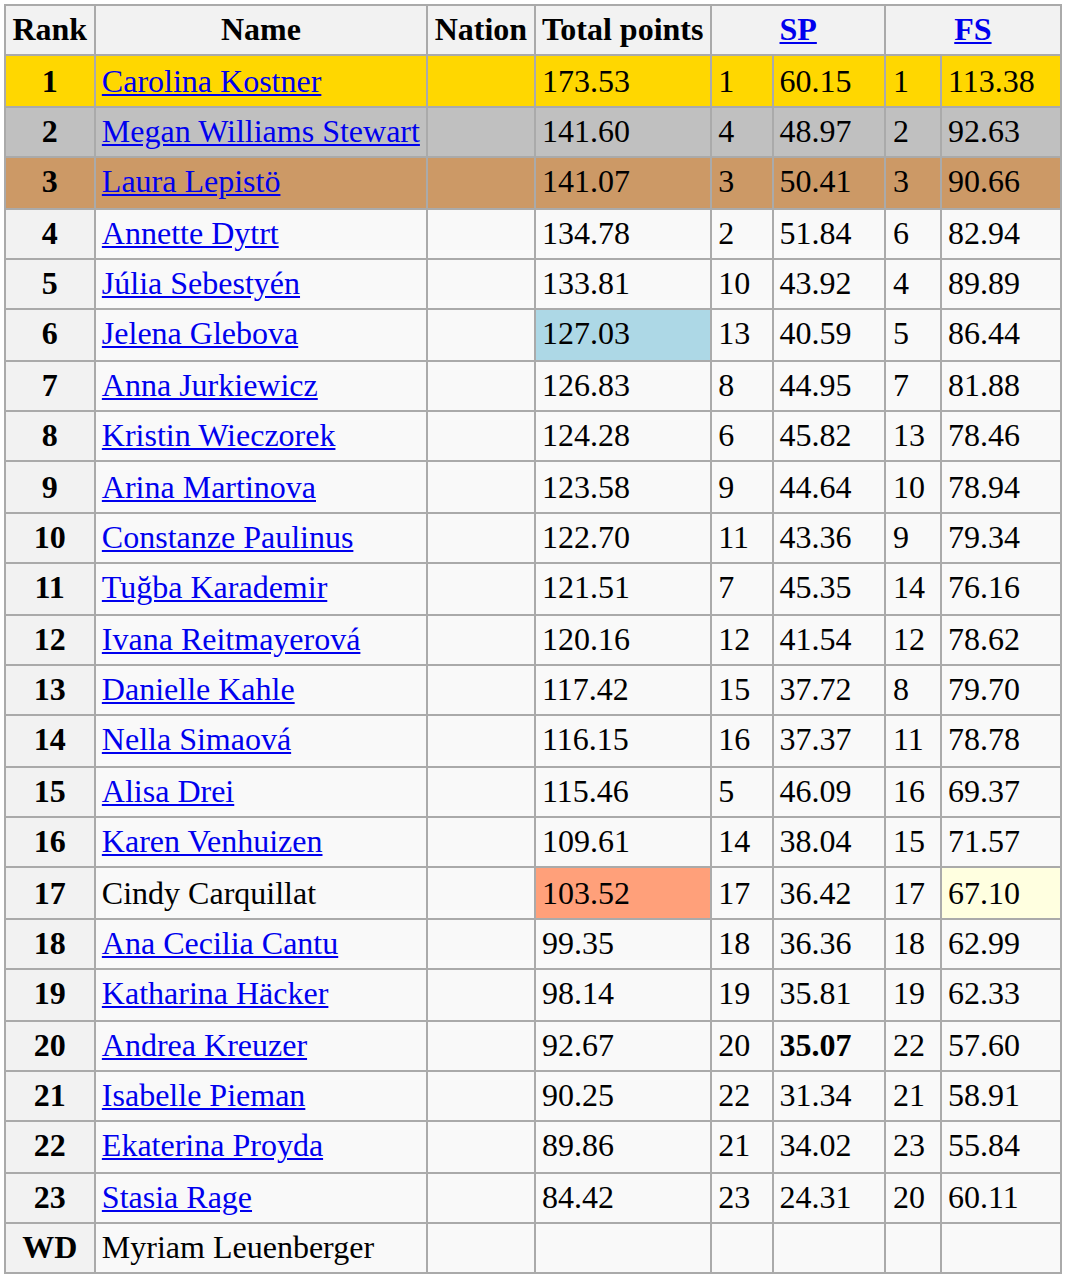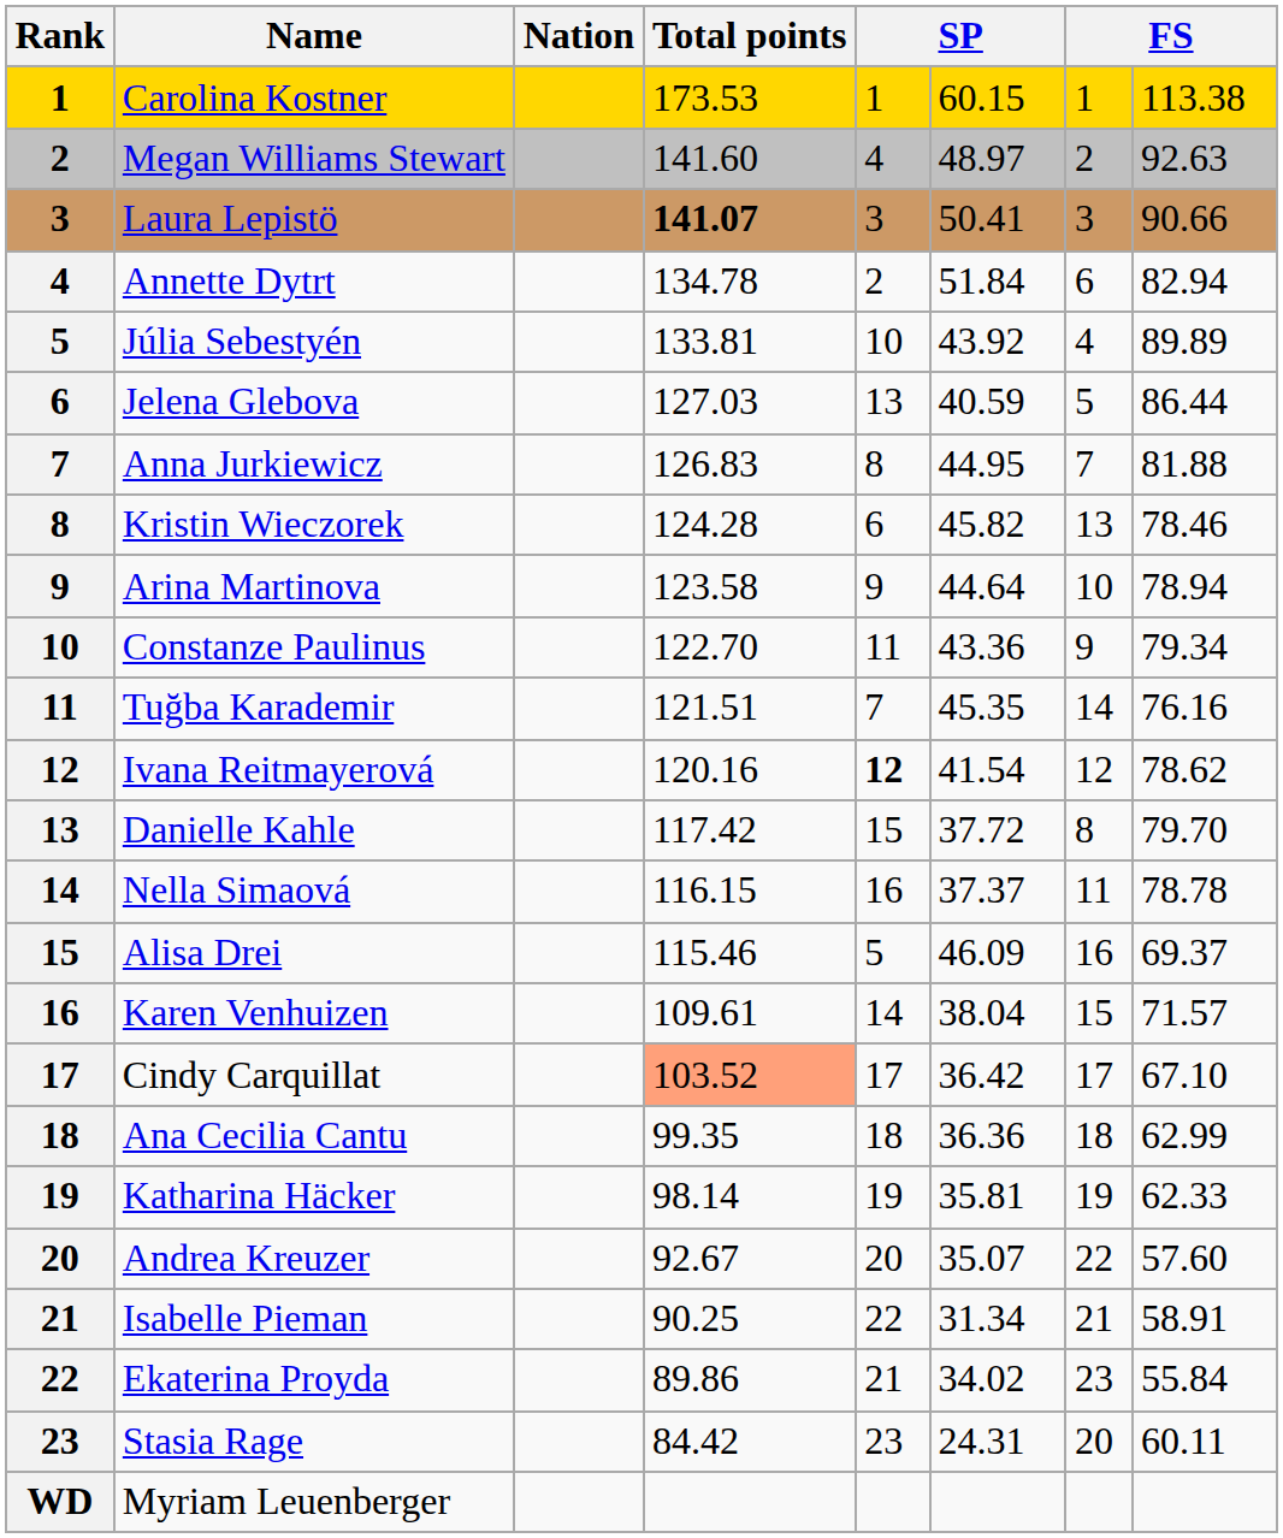 <table class="wikitable">
 <tr>
 <th>Rank</th>
 <th>Name</th>
 <th>Nation</th>
 <th>Total points</th>
 <th colspan="2" width="80px"><a href='#'>SP</a></th>
 <th colspan="2" width="80px"><a href='#'>FS</a></th>
 </tr>
 <tr bgcolor="gold">
 <td align="center"><strong>1</strong></td>
 <td><a href='#'>Carolina Kostner</a></td>
 <td></td>
 <td>173.53</td>
 <td>1</td>
 <td>60.15</td>
 <td>1</td>
 <td>113.38</td>
 </tr>
 <tr bgcolor="silver">
 <td align="center"><strong>2</strong></td>
 <td><a href='#'>Megan Williams Stewart</a></td>
 <td></td>
 <td>141.60</td>
 <td>4</td>
 <td>48.97</td>
 <td>2</td>
 <td>92.63</td>
 </tr>
 <tr bgcolor="cc9966">
 <td align="center"><strong>3</strong></td>
 <td><a href='#'>Laura Lepistö</a></td>
 <td></td>
-<td>141.07</td>
+<td><strong>141.07</strong></td>
 <td>3</td>
 <td>50.41</td>
 <td>3</td>
 <td>90.66</td>
 </tr>
 <tr>
 <th>4</th>
 <td><a href='#'>Annette Dytrt</a></td>
 <td></td>
 <td>134.78</td>
 <td>2</td>
 <td>51.84</td>
 <td>6</td>
 <td>82.94</td>
 </tr>
 <tr>
 <th>5</th>
 <td><a href='#'>Júlia Sebestyén</a></td>
 <td></td>
 <td>133.81</td>
 <td>10</td>
 <td>43.92</td>
 <td>4</td>
 <td>89.89</td>
 </tr>
 <tr>
 <th>6</th>
 <td><a href='#'>Jelena Glebova</a></td>
 <td></td>
-<td style="background: lightblue;">127.03</td>
+<td>127.03</td>
 <td>13</td>
 <td>40.59</td>
 <td>5</td>
 <td>86.44</td>
 </tr>
 <tr>
 <th>7</th>
 <td><a href='#'>Anna Jurkiewicz</a></td>
 <td></td>
 <td>126.83</td>
 <td>8</td>
 <td>44.95</td>
 <td>7</td>
 <td>81.88</td>
 </tr>
 <tr>
 <th>8</th>
 <td><a href='#'>Kristin Wieczorek</a></td>
 <td></td>
 <td>124.28</td>
 <td>6</td>
 <td>45.82</td>
 <td>13</td>
 <td>78.46</td>
 </tr>
 <tr>
 <th>9</th>
 <td><a href='#'>Arina Martinova</a></td>
 <td></td>
 <td>123.58</td>
 <td>9</td>
 <td>44.64</td>
 <td>10</td>
 <td>78.94</td>
 </tr>
 <tr>
 <th>10</th>
 <td><a href='#'>Constanze Paulinus</a></td>
 <td></td>
 <td>122.70</td>
 <td>11</td>
 <td>43.36</td>
 <td>9</td>
 <td>79.34</td>
 </tr>
 <tr>
 <th>11</th>
 <td><a href='#'>Tuğba Karademir</a></td>
 <td></td>
 <td>121.51</td>
 <td>7</td>
 <td>45.35</td>
 <td>14</td>
 <td>76.16</td>
 </tr>
 <tr>
 <th>12</th>
 <td><a href='#'>Ivana Reitmayerová</a></td>
 <td></td>
 <td>120.16</td>
-<td>12</td>
+<td><strong>12</strong></td>
 <td>41.54</td>
 <td>12</td>
 <td>78.62</td>
 </tr>
 <tr>
 <th>13</th>
 <td><a href='#'>Danielle Kahle</a></td>
 <td></td>
 <td>117.42</td>
 <td>15</td>
 <td>37.72</td>
 <td>8</td>
 <td>79.70</td>
 </tr>
 <tr>
 <th>14</th>
 <td><a href='#'>Nella Simaová</a></td>
 <td></td>
 <td>116.15</td>
 <td>16</td>
 <td>37.37</td>
 <td>11</td>
 <td>78.78</td>
 </tr>
 <tr>
 <th>15</th>
 <td><a href='#'>Alisa Drei</a></td>
 <td></td>
 <td>115.46</td>
 <td>5</td>
 <td>46.09</td>
 <td>16</td>
 <td>69.37</td>
 </tr>
 <tr>
 <th>16</th>
 <td><a href='#'>Karen Venhuizen</a></td>
 <td></td>
 <td>109.61</td>
 <td>14</td>
 <td>38.04</td>
 <td>15</td>
 <td>71.57</td>
 </tr>
 <tr>
 <th>17</th>
 <td>Cindy Carquillat</td>
 <td></td>
 <td style="background: lightsalmon;">103.52</td>
 <td>17</td>
 <td>36.42</td>
 <td>17</td>
-<td style="background: lightyellow;">67.10</td>
+<td>67.10</td>
 </tr>
 <tr>
 <th>18</th>
 <td><a href='#'>Ana Cecilia Cantu</a></td>
 <td></td>
 <td>99.35</td>
 <td>18</td>
 <td>36.36</td>
 <td>18</td>
 <td>62.99</td>
 </tr>
 <tr>
 <th>19</th>
 <td><a href='#'>Katharina Häcker</a></td>
 <td></td>
 <td>98.14</td>
 <td>19</td>
 <td>35.81</td>
 <td>19</td>
 <td>62.33</td>
 </tr>
 <tr>
 <th>20</th>
 <td><a href='#'>Andrea Kreuzer</a></td>
 <td></td>
 <td>92.67</td>
 <td>20</td>
-<td><strong>35.07</strong></td>
+<td>35.07</td>
 <td>22</td>
 <td>57.60</td>
 </tr>
 <tr>
 <th>21</th>
 <td><a href='#'>Isabelle Pieman</a></td>
 <td></td>
 <td>90.25</td>
 <td>22</td>
 <td>31.34</td>
 <td>21</td>
 <td>58.91</td>
 </tr>
 <tr>
 <th>22</th>
 <td><a href='#'>Ekaterina Proyda</a></td>
 <td></td>
 <td>89.86</td>
 <td>21</td>
 <td>34.02</td>
 <td>23</td>
 <td>55.84</td>
 </tr>
 <tr>
 <th>23</th>
 <td><a href='#'>Stasia Rage</a></td>
 <td></td>
 <td>84.42</td>
 <td>23</td>
 <td>24.31</td>
 <td>20</td>
 <td>60.11</td>
 </tr>
 <tr>
 <th>WD</th>
 <td>Myriam Leuenberger</td>
 <td></td>
 <td></td>
 <td></td>
 <td></td>
 <td></td>
 <td></td>
 </tr>
 </table>
